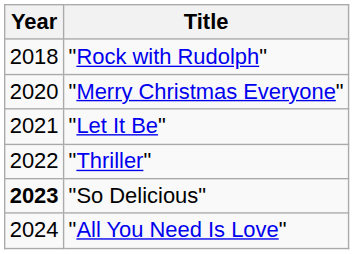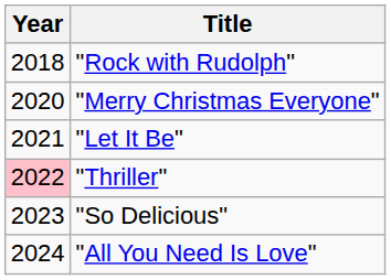 <table class="wikitable">
 <tr>
 <th>Year</th>
 <th>Title</th>
 </tr>
 <tr>
 <td>2018</td>
 <td>"<a href='#'>Rock with Rudolph</a>"</td>
 </tr>
 <tr>
 <td>2020</td>
 <td>"<a href='#'>Merry Christmas Everyone</a>"</td>
 </tr>
 <tr>
 <td>2021</td>
 <td>"<a href='#'>Let It Be</a>"</td>
 </tr>
 <tr>
-<td>2022</td>
+<td style="background: pink;">2022</td>
 <td>"<a href='#'>Thriller</a>"</td>
 </tr>
 <tr>
-<td><strong>2023</strong></td>
+<td>2023</td>
 <td>"So Delicious"</td>
 </tr>
 <tr>
 <td>2024</td>
 <td>"<a href='#'>All You Need Is Love</a>"</td>
 </tr>
 </table>
